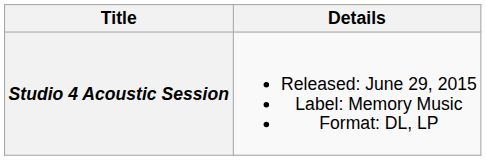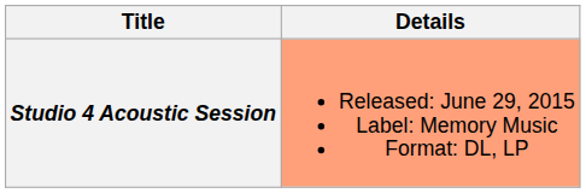 <table class="wikitable plainrowheaders" style="text-align:center;">
 <tr>
 <th scope="col">Title</th>
 <th scope="col">Details</th>
 </tr>
 <tr>
 <th scope="row"><em>Studio 4 Acoustic Session</em></th>
-<td><br><ul><li>Released: June 29, 2015</li><li>Label: Memory Music</li><li>Format: DL, LP</li></ul></td>
+<td style="background: lightsalmon;"><br><ul><li>Released: June 29, 2015</li><li>Label: Memory Music</li><li>Format: DL, LP</li></ul></td>
 </tr>
 </table>
